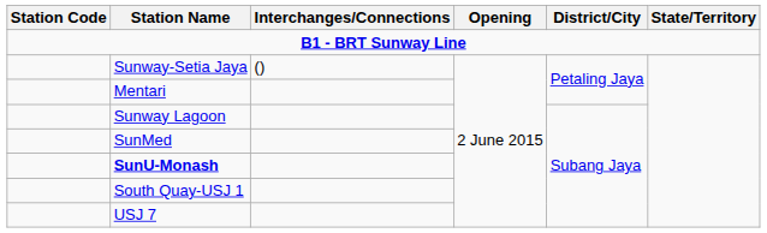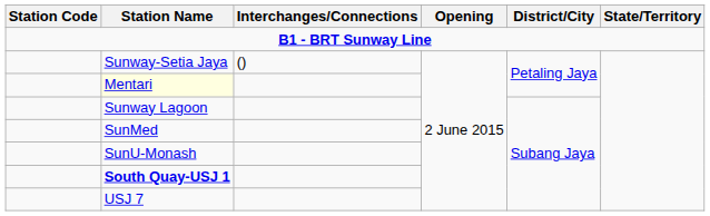 <table class="wikitable" style="margin: 1em auto 1em auto;">
 <tr>
 <th>Station Code</th>
 <th>Station Name</th>
 <th>Interchanges/Connections</th>
 <th>Opening</th>
 <th>District/City</th>
 <th>State/Territory</th>
 </tr>
 <tr>
 <td colspan="6" align="center"><strong><a href='#'><span>B1 - BRT Sunway Line</span></a></strong></td>
 </tr>
 <tr>
 <td></td>
 <td><a href='#'>Sunway-Setia Jaya</a></td>
 <td>  ()</td>
 <td rowspan="7">2 June 2015</td>
 <td rowspan="2"><a href='#'>Petaling Jaya</a></td>
 <td rowspan="7"></td>
 </tr>
 <tr>
 <td></td>
-<td><a href='#'>Mentari</a></td>
+<td style="background: lightyellow;"><a href='#'>Mentari</a></td>
 <td></td>
 </tr>
 <tr>
 <td></td>
 <td><a href='#'>Sunway Lagoon</a></td>
 <td></td>
 <td rowspan="5"><a href='#'>Subang Jaya</a></td>
 </tr>
 <tr>
 <td></td>
 <td><a href='#'>SunMed</a></td>
 <td></td>
 </tr>
 <tr>
 <td></td>
-<td><strong><a href='#'>SunU-Monash</a></strong></td>
+<td><a href='#'>SunU-Monash</a></td>
 <td></td>
 </tr>
 <tr>
 <td></td>
-<td><a href='#'>South Quay-USJ 1</a></td>
+<td><strong><a href='#'>South Quay-USJ 1</a></strong></td>
 <td></td>
 </tr>
 <tr>
 <td></td>
 <td><a href='#'>USJ 7</a></td>
 <td> </td>
 </tr>
 </table>
